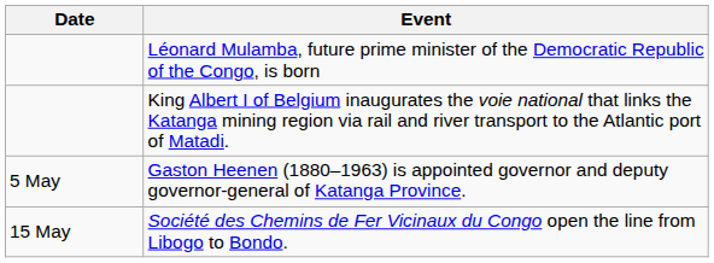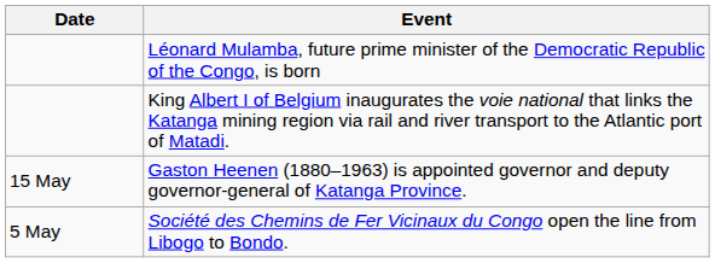 <table class=wikitable>
 <tr>
 <th style="width:7em">Date</th>
 <th>Event</th>
 </tr>
 <tr>
 <td></td>
 <td><a href='#'>Léonard Mulamba</a>, future prime minister of the <a href='#'>Democratic Republic of the Congo</a>, is born</td>
 </tr>
 <tr>
 <td></td>
 <td>King <a href='#'>Albert I of Belgium</a> inaugurates the <em>voie national</em> that links the <a href='#'>Katanga</a> mining region via rail and river transport to the Atlantic port of <a href='#'>Matadi</a>.</td>
 </tr>
 <tr>
-<td>5 May</td>
+<td>15 May</td>
 <td><a href='#'>Gaston Heenen</a> (1880–1963) is appointed governor and deputy governor-general of <a href='#'>Katanga Province</a>.</td>
 </tr>
 <tr>
-<td>15 May</td>
+<td>5 May</td>
 <td><em><a href='#'>Société des Chemins de Fer Vicinaux du Congo</a></em> open the line from <a href='#'>Libogo</a> to <a href='#'>Bondo</a>.</td>
 </tr>
 </table>
